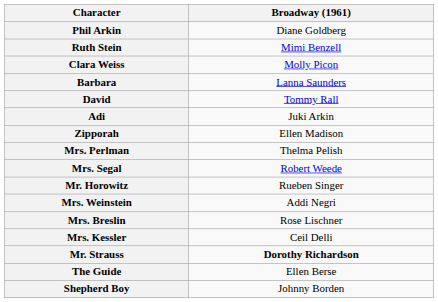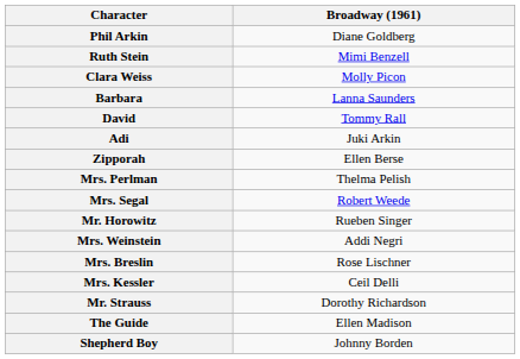 <table class="wikitable" style="width:50%; text-align:center">
 <tr>
 <th scope="col">Character</th>
 <th>Broadway (1961)</th>
 </tr>
 <tr>
 <th>Phil Arkin</th>
 <td colspan="1">Diane Goldberg</td>
 </tr>
 <tr>
 <th>Ruth Stein</th>
 <td colspan="1”"><a href='#'>Mimi Benzell</a></td>
 </tr>
 <tr>
 <th>Clara Weiss</th>
 <td colspan="1”"><a href='#'>Molly Picon</a></td>
 </tr>
 <tr>
 <th>Barbara</th>
 <td colspan="1"><a href='#'>Lanna Saunders</a></td>
 </tr>
 <tr>
 <th>David</th>
 <td colspan="1"><a href='#'>Tommy Rall</a></td>
 </tr>
 <tr>
 <th>Adi</th>
 <td colspan="1">Juki Arkin</td>
 </tr>
 <tr>
 <th>Zipporah</th>
-<td colspan="1">Ellen Madison</td>
+<td colspan="1">Ellen Berse</td>
 </tr>
 <tr>
 <th>Mrs. Perlman</th>
 <td colspan="1">Thelma Pelish</td>
 </tr>
 <tr>
 <th>Mrs. Segal</th>
 <td colspan="1"><a href='#'>Robert Weede</a></td>
 </tr>
 <tr>
 <th>Mr. Horowitz</th>
 <td colspan="1">Rueben Singer</td>
 </tr>
 <tr>
 <th>Mrs. Weinstein</th>
 <td colspan="1">Addi Negri</td>
 </tr>
 <tr>
 <th>Mrs. Breslin</th>
 <td colspan="1">Rose Lischner</td>
 </tr>
 <tr>
 <th>Mrs. Kessler</th>
 <td colspan="1">Ceil Delli</td>
 </tr>
 <tr>
 <th>Mr. Strauss</th>
-<td colspan="1"><strong>Dorothy Richardson</strong></td>
+<td colspan="1">Dorothy Richardson</td>
 </tr>
 <tr>
 <th>The Guide</th>
-<td colspan="1">Ellen Berse</td>
+<td colspan="1">Ellen Madison</td>
 </tr>
 <tr>
 <th>Shepherd Boy</th>
 <td colspan="1">Johnny Borden</td>
 </tr>
 </table>
